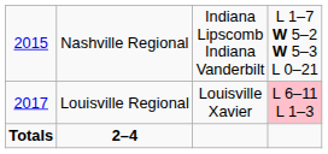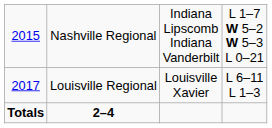 <table class="wikitable" style="text-align:center">
 <tr>
 <td><a href='#'>2015</a></td>
 <td>Nashville Regional</td>
 <td>Indiana<br>Lipscomb<br>Indiana<br>Vanderbilt</td>
 <td>L 1–7<br><strong>W</strong> 5–2<br><strong>W</strong> 5–3<br>L 0–21</td>
 </tr>
 <tr>
 <td><a href='#'>2017</a></td>
 <td>Louisville Regional</td>
 <td>Louisville<br>Xavier</td>
-<td style="background: pink;">L 6–11<br>L 1–3</td>
+<td>L 6–11<br>L 1–3</td>
 </tr>
 <tr align="center">
 <td><strong>Totals</strong></td>
 <td><strong>2–4</strong></td>
 <td><strong></strong></td>
 <td></td>
 </tr>
 </table>
